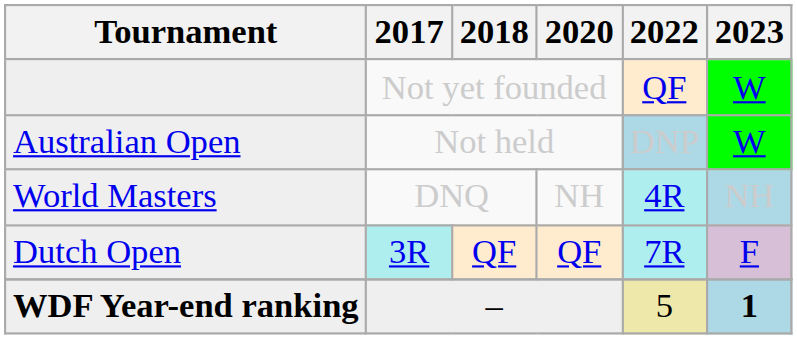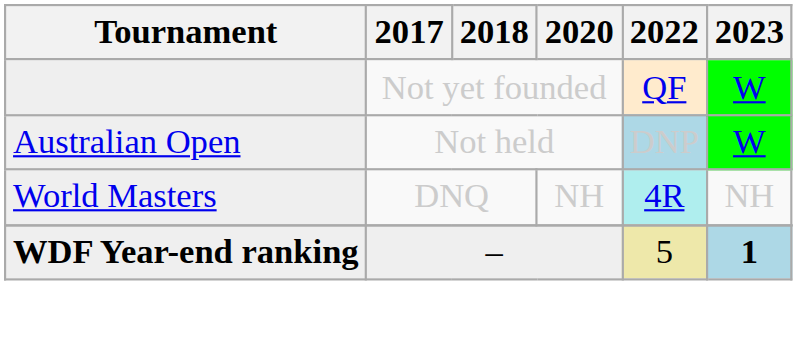 <table class="wikitable">
 <tr>
 <th>Tournament</th>
 <th>2017</th>
 <th>2018</th>
 <th>2020</th>
 <th>2022</th>
 <th>2023</th>
 </tr>
 <tr>
 <td style="background:#efefef;"></td>
 <td colspan="3" style="text-align:center; color:#ccc;">Not yet founded</td>
 <td style="text-align:center; background:#ffebcd;"><a href='#'>QF</a></td>
 <td style="text-align:center; background:lime;"><a href='#'>W</a></td>
 </tr>
 <tr>
 <td style="background:#efefef;"><a href='#'>Australian Open</a></td>
 <td colspan="3" style="text-align:center; color:#ccc;">Not held</td>
 <td style="background: lightblue; text-align:center; color:#ccc;">DNP</td>
 <td style="text-align:center; background:lime;"><a href='#'>W</a></td>
 </tr>
 <tr>
 <td style="background:#efefef;"><a href='#'>World Masters</a></td>
 <td colspan="2" style="text-align:center; color:#ccc;">DNQ</td>
 <td style="text-align:center; color:#ccc;">NH</td>
 <td style="text-align:center; background:#afeeee;"><a href='#'>4R</a></td>
-<td style="background: lightblue; text-align:center; color:#ccc;">NH</td>
-</tr>
-<tr>
-<td style="background:#efefef;"><a href='#'>Dutch Open</a></td>
-<td style="text-align:center; background:#afeeee;"><a href='#'>3R</a></td>
-<td style="text-align:center; background:#ffebcd;"><a href='#'>QF</a></td>
-<td style="text-align:center; background:#ffebcd;"><a href='#'>QF</a></td>
-<td style="text-align:center; background:#afeeee;"><a href='#'>7R</a></td>
-<td style="text-align:center; background:thistle;"><a href='#'>F</a></td>
+<td style="text-align:center; color:#ccc;">NH</td>
 </tr>
 <tr>
 </tr>
 <tr bgcolor="efefef">
 <td align="left"><strong>WDF Year-end ranking</strong></td>
 <td colspan="3" style="text-align:center;">–</td>
 <td style="text-align:center; background:#eee8aa;">5</td>
 <td style="text-align:center; background:#add8e6;"><strong>1</strong></td>
 </tr>
 </table>
